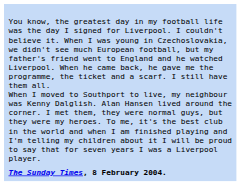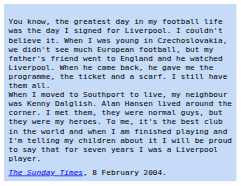 <table class="toccolours" style="float: right; margin-left: 1em; margin-right: 2em; font-size: 85%; background:#c6dbf7; color:black; width:30em; max-width: 40%;" cellspacing="5">
 <tr>
 <td style="text-align: left;"><br>You know, the greatest day in my football life was the day I signed for Liverpool. I couldn't believe it. When I was young in Czechoslovakia, we didn't see much European football, but my father's friend went to England and he watched Liverpool. When he came back, he gave me the programme, the ticket and a scarf. I still have them all.<br>When I moved to Southport to live, my neighbour was Kenny Dalglish. Alan Hansen lived around the corner. I met them, they were normal guys, but they were my heroes. To me, it's the best club in the world and when I am finished playing and I'm telling my children about it I will be proud to say that for seven years I was a Liverpool player.</td>
 </tr>
 <tr>
-<td style="text-align: left;"><strong><em><a href='#'>The Sunday Times</a></em>, 8 February 2004.</strong></td>
+<td style="text-align: left;"><em><a href='#'>The Sunday Times</a></em>, 8 February 2004.</td>
 </tr>
 </table>
